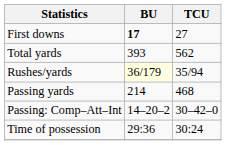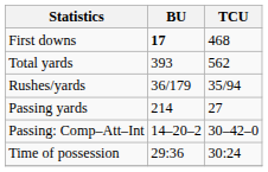 <table class="wikitable" style="float: left;">
 <tr>
 <th>Statistics</th>
 <th>BU</th>
 <th>TCU</th>
 </tr>
 <tr>
 <td>First downs</td>
 <td><strong>17</strong></td>
-<td>27</td>
+<td>468</td>
 </tr>
 <tr>
 <td>Total yards</td>
 <td>393</td>
 <td>562</td>
 </tr>
 <tr>
 <td>Rushes/yards</td>
-<td style="background: lightyellow;">36/179</td>
+<td>36/179</td>
 <td>35/94</td>
 </tr>
 <tr>
 <td>Passing yards</td>
 <td>214</td>
-<td>468</td>
+<td>27</td>
 </tr>
 <tr>
 <td>Passing: Comp–Att–Int</td>
 <td>14–20–2</td>
 <td>30–42–0</td>
 </tr>
 <tr>
 <td>Time of possession</td>
 <td>29:36</td>
 <td>30:24</td>
 </tr>
 <tr>
 </tr>
 </table>
